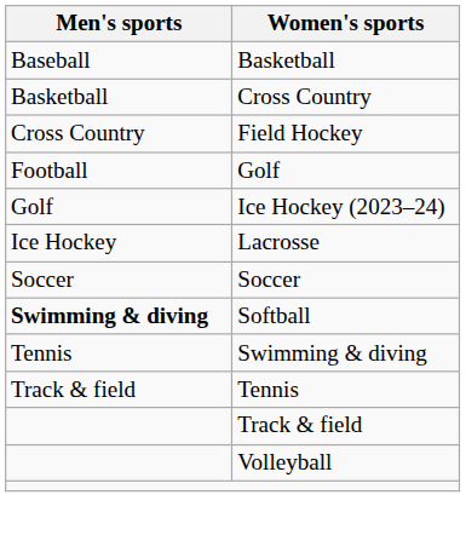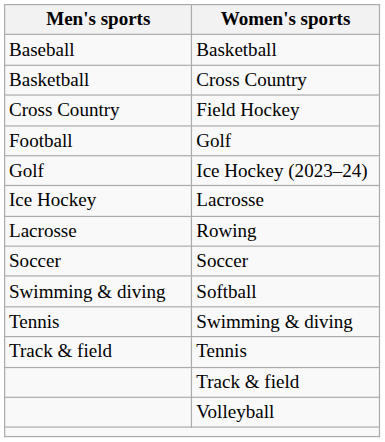 <table class="wikitable" style="margin:0 0 1em 1em;">
 <tr>
 <th width=150px>Men's sports</th>
 <th width=150px>Women's sports</th>
 </tr>
 <tr>
 <td>Baseball</td>
 <td>Basketball</td>
 </tr>
 <tr>
 <td>Basketball</td>
 <td>Cross Country</td>
 </tr>
 <tr>
 <td>Cross Country</td>
 <td>Field Hockey</td>
 </tr>
 <tr>
 <td>Football</td>
 <td>Golf</td>
 </tr>
 <tr>
 <td>Golf</td>
 <td>Ice Hockey (2023–24)</td>
 </tr>
 <tr>
 <td>Ice Hockey</td>
 <td>Lacrosse</td>
 </tr>
 <tr>
+<td>Lacrosse</td>
+<td>Rowing</td>
+</tr>
+<tr>
 <td>Soccer</td>
 <td>Soccer</td>
 </tr>
 <tr>
-<td><strong>Swimming & diving</strong></td>
+<td>Swimming & diving</td>
 <td>Softball</td>
 </tr>
 <tr>
 <td>Tennis</td>
 <td>Swimming & diving</td>
 </tr>
 <tr>
 <td>Track & field</td>
 <td>Tennis</td>
 </tr>
 <tr>
 <td></td>
 <td>Track & field</td>
 </tr>
 <tr>
 <td></td>
 <td>Volleyball</td>
 </tr>
 <tr>
 <td colspan="2"></td>
 </tr>
 </table>
